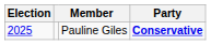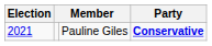 <table class="wikitable">
 <tr>
 <th>Election</th>
 <th colspan="2">Member</th>
 <th>Party</th>
 </tr>
 <tr>
-<td><a href='#'>2025</a></td>
+<td><a href='#'>2021</a></td>
 <td rowspan="1" style="background-color: "></td>
 <td rowspan="1">Pauline Giles</td>
 <td rowspan="1"><strong><a href='#'>Conservative</a></strong></td>
 </tr>
 </table>
